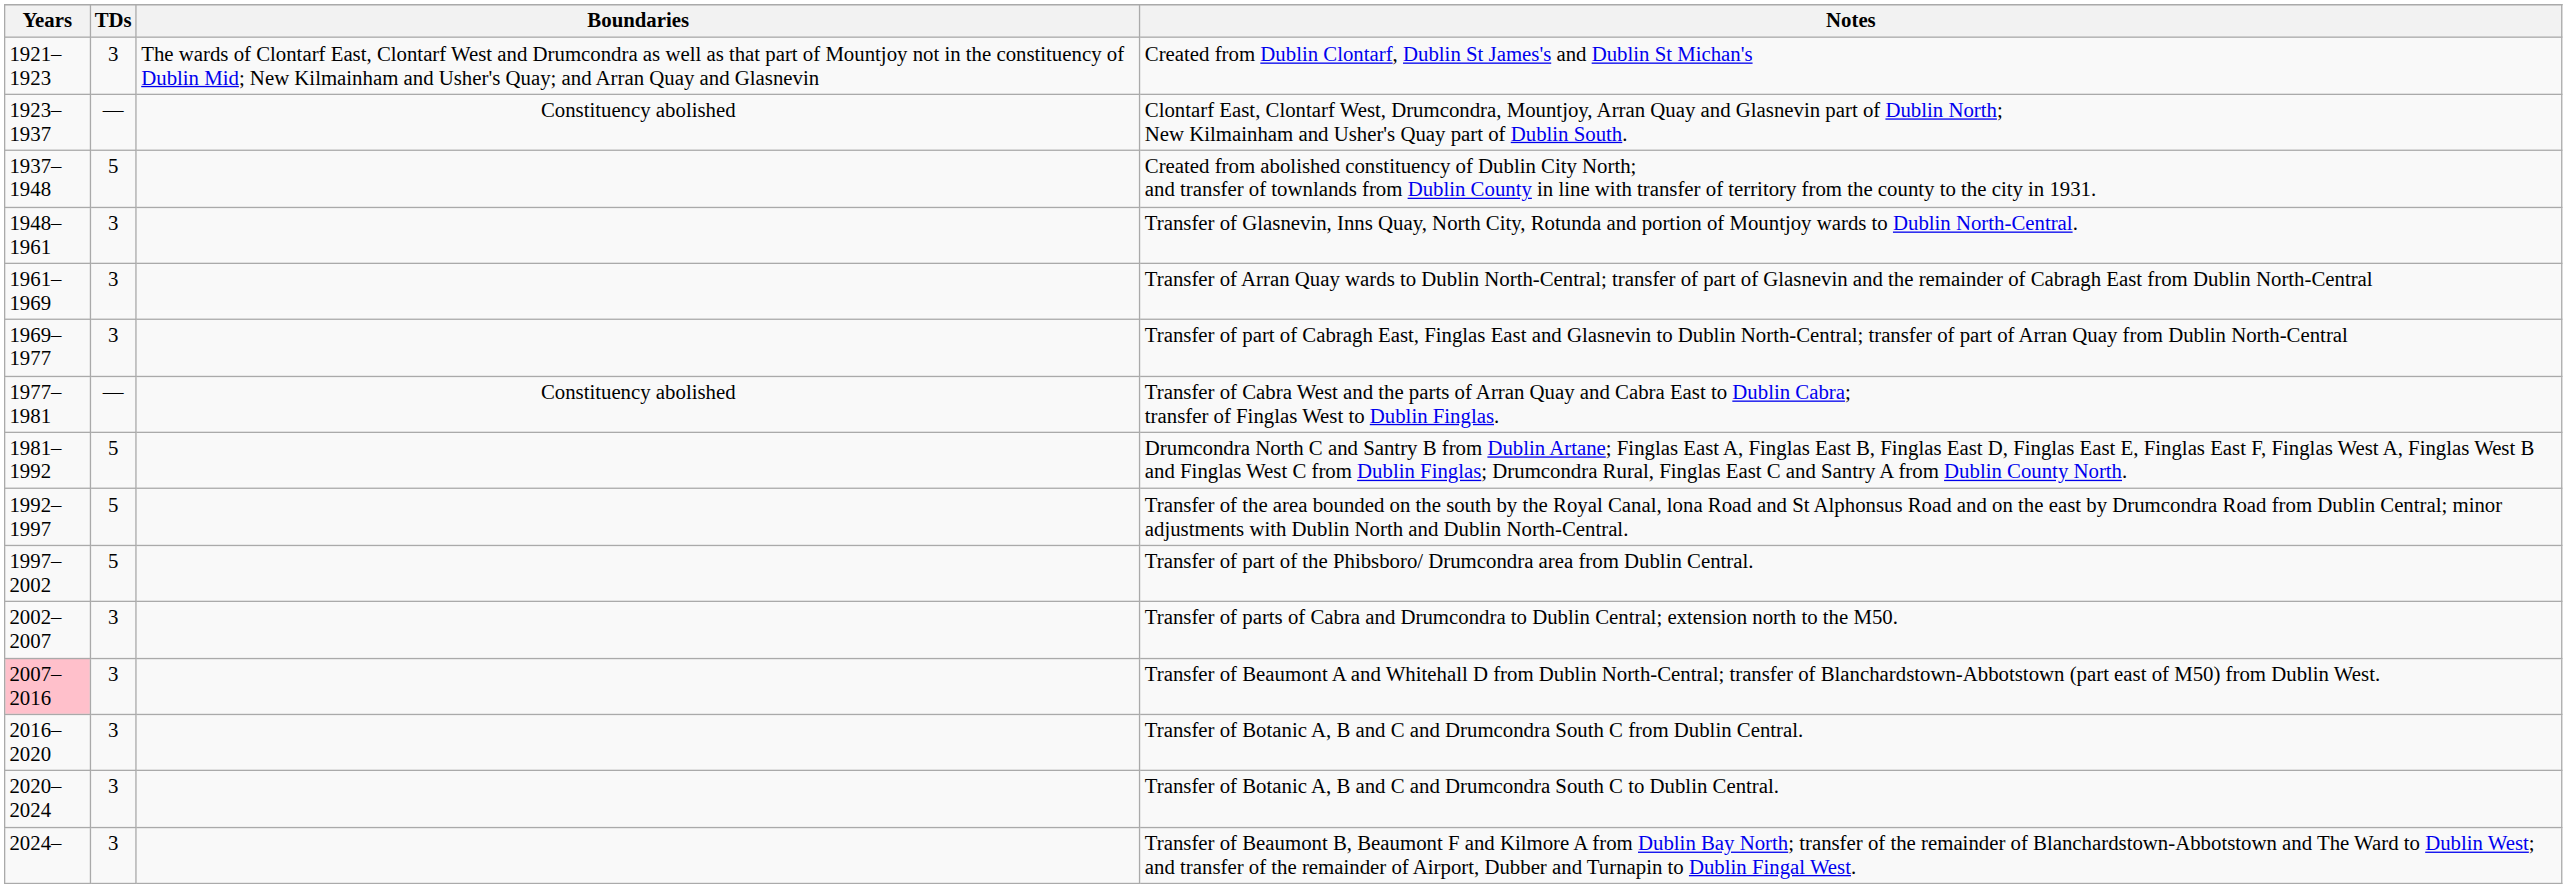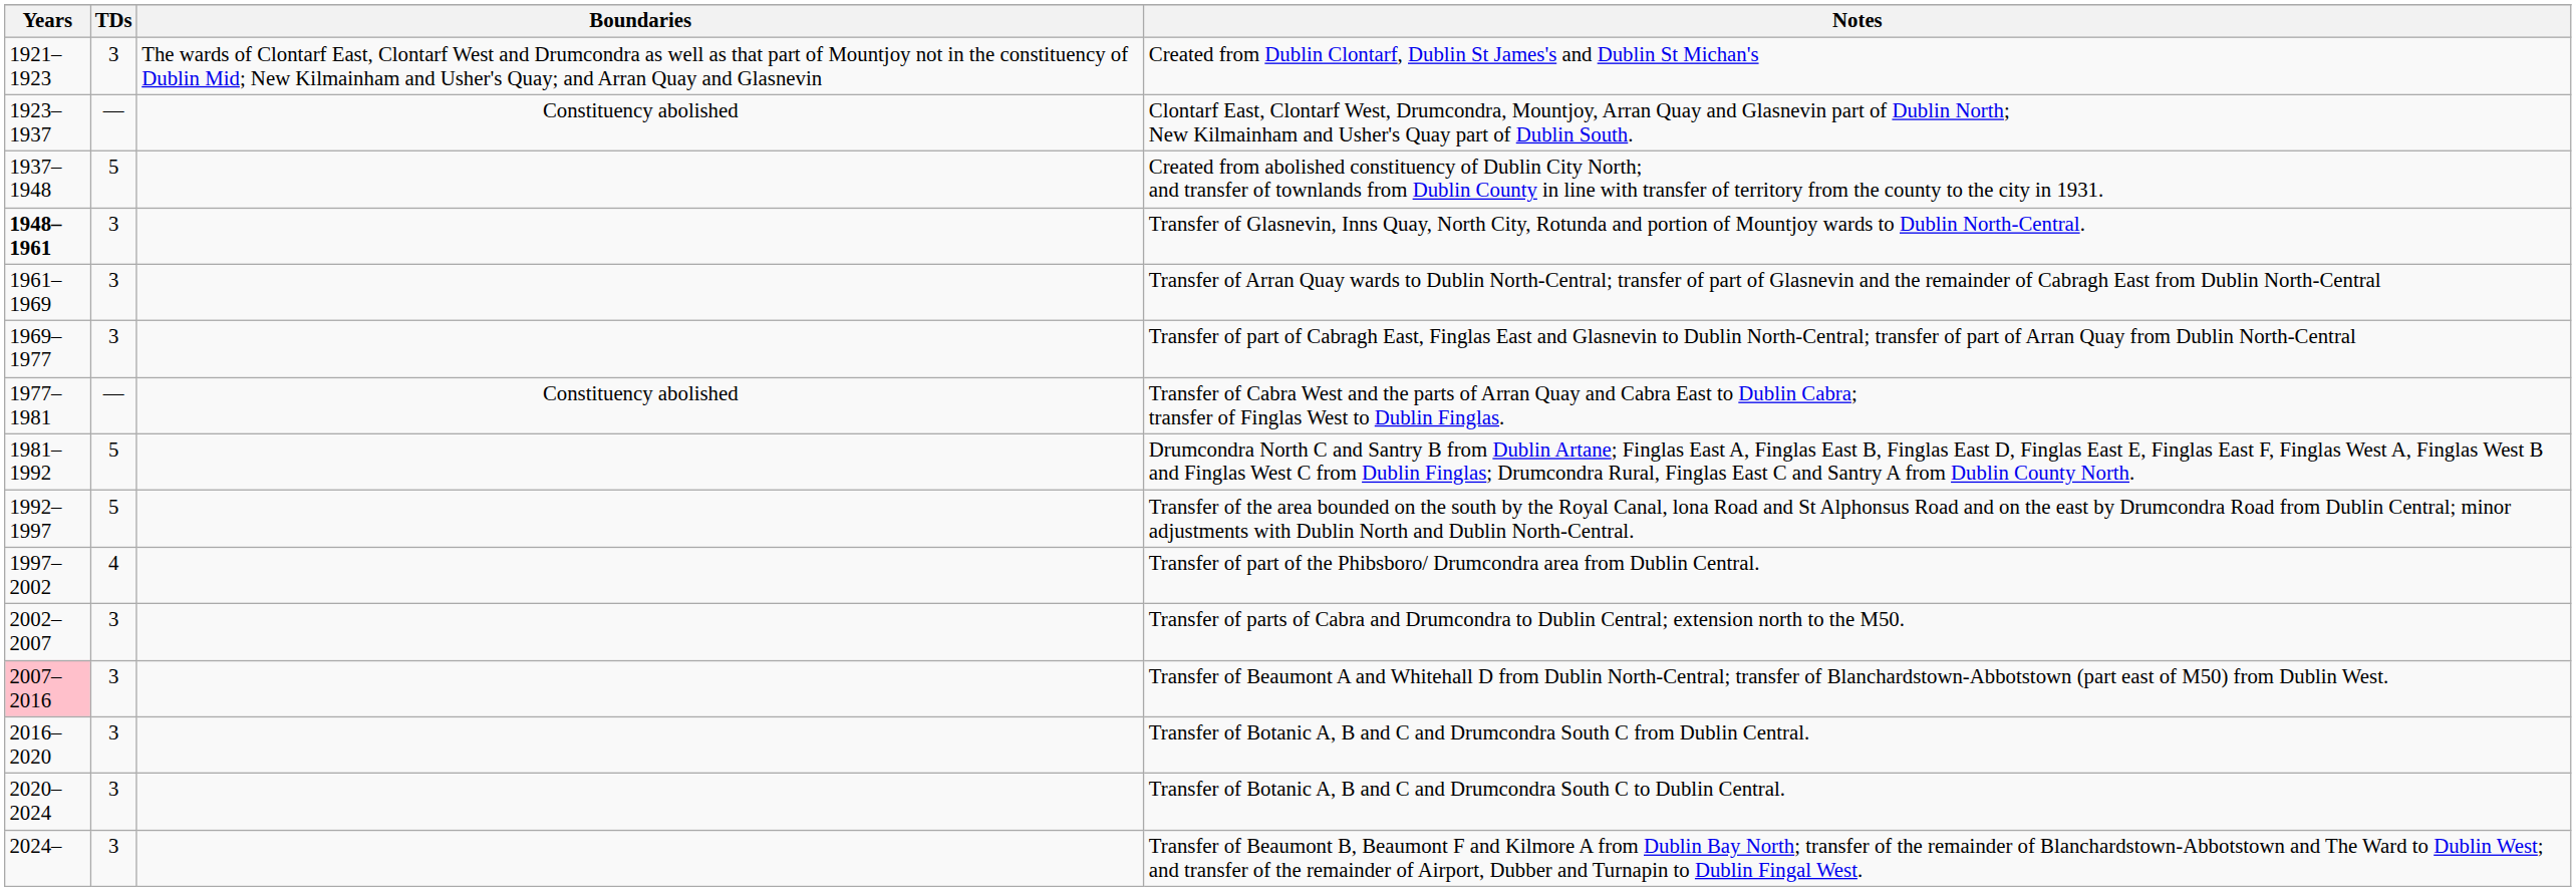 <table class="wikitable collapsible">
 <tr>
 </tr>
 <tr>
 <th>Years</th>
 <th>TDs</th>
 <th>Boundaries</th>
 <th>Notes</th>
 </tr>
 <tr style="vertical-align:top">
 <td>1921–1923</td>
 <td style="text-align:center">3</td>
 <td>The wards of Clontarf East, Clontarf West and Drumcondra as well as that part of Mountjoy not in the constituency of <a href='#'>Dublin Mid</a>; New Kilmainham and Usher's Quay; and Arran Quay and Glasnevin</td>
 <td>Created from <a href='#'>Dublin Clontarf</a>, <a href='#'>Dublin St James's</a> and <a href='#'>Dublin St Michan's</a></td>
 </tr>
 <tr style="vertical-align:top">
 <td>1923–1937</td>
 <td style="text-align:center">—</td>
 <td style="text-align:center">Constituency abolished</td>
 <td>Clontarf East, Clontarf West, Drumcondra, Mountjoy, Arran Quay and Glasnevin part of <a href='#'>Dublin North</a>;<br>New Kilmainham and Usher's Quay part of <a href='#'>Dublin South</a>.</td>
 </tr>
 <tr style="vertical-align:top">
 <td>1937–1948</td>
 <td style="text-align:center">5</td>
 <td></td>
 <td>Created from abolished constituency of Dublin City North;<br>and transfer of townlands from <a href='#'>Dublin County</a> in line with transfer of territory from the county to the city in 1931.</td>
 </tr>
 <tr style="vertical-align:top">
-<td>1948–1961</td>
+<td><strong>1948–1961</strong></td>
 <td style="text-align:center">3</td>
 <td></td>
 <td>Transfer of Glasnevin, Inns Quay, North City, Rotunda and portion of Mountjoy wards to <a href='#'>Dublin North-Central</a>.</td>
 </tr>
 <tr style="vertical-align:top">
 <td>1961–1969</td>
 <td style="text-align:center">3</td>
 <td></td>
 <td>Transfer of Arran Quay wards to Dublin North-Central; transfer of part of Glasnevin and the remainder of Cabragh East from Dublin North-Central</td>
 </tr>
 <tr style="vertical-align:top">
 <td>1969–1977</td>
 <td style="text-align:center">3</td>
 <td></td>
 <td>Transfer of part of Cabragh East, Finglas East and Glasnevin to Dublin North-Central; transfer of part of Arran Quay from Dublin North-Central</td>
 </tr>
 <tr style="vertical-align:top">
 <td>1977–1981</td>
 <td style="text-align:center">—</td>
 <td style="text-align:center">Constituency abolished</td>
 <td>Transfer of Cabra West and the parts of Arran Quay and Cabra East to <a href='#'>Dublin Cabra</a>;<br>transfer of Finglas West to <a href='#'>Dublin Finglas</a>.</td>
 </tr>
 <tr style="vertical-align:top">
 <td>1981–1992</td>
 <td style="text-align:center">5</td>
 <td><br></td>
 <td>Drumcondra North C and Santry B from <a href='#'>Dublin Artane</a>; Finglas East A, Finglas East B, Finglas East D, Finglas East E, Finglas East F, Finglas West A, Finglas West B and Finglas West C from <a href='#'>Dublin Finglas</a>; Drumcondra Rural, Finglas East C and Santry A from <a href='#'>Dublin County North</a>.</td>
 </tr>
 <tr style="vertical-align:top">
 <td>1992–1997</td>
 <td style="text-align:center">5</td>
 <td></td>
 <td>Transfer of the area bounded on the south by the Royal Canal, lona Road and St Alphonsus Road and on the east by Drumcondra Road from Dublin Central; minor adjustments with Dublin North and Dublin North-Central.</td>
 </tr>
 <tr style="vertical-align:top">
 <td>1997–2002</td>
-<td style="text-align:center">5</td>
+<td style="text-align:center">4</td>
 <td></td>
 <td>Transfer of part of the Phibsboro/ Drumcondra area from Dublin Central.</td>
 </tr>
 <tr style="vertical-align:top">
 <td>2002–2007</td>
 <td style="text-align:center">3</td>
 <td><br></td>
 <td>Transfer of parts of Cabra and Drumcondra to Dublin Central; extension north to the M50.</td>
 </tr>
 <tr style="vertical-align:top">
 <td style="background: pink;">2007–2016</td>
 <td style="text-align:center">3</td>
 <td><br></td>
 <td>Transfer of Beaumont A and Whitehall D from Dublin North-Central; transfer of Blanchardstown-Abbotstown (part east of M50) from Dublin West.</td>
 </tr>
 <tr style="vertical-align:top">
 <td>2016–2020</td>
 <td style="text-align:center">3</td>
 <td><br></td>
 <td>Transfer of Botanic A, B and C and Drumcondra South C from Dublin Central.</td>
 </tr>
 <tr style="vertical-align:top">
 <td>2020–2024</td>
 <td style="text-align:center">3</td>
 <td><br></td>
 <td>Transfer of Botanic A, B and C and Drumcondra South C to Dublin Central.</td>
 </tr>
 <tr style="vertical-align:top">
 <td>2024–</td>
 <td style="text-align:center">3</td>
 <td></td>
 <td {{hidden>Transfer of Beaumont B, Beaumont F and Kilmore A from <a href='#'>Dublin Bay North</a>; transfer of the remainder of Blanchardstown-Abbotstown and The Ward to <a href='#'>Dublin West</a>; and transfer of the remainder of Airport, Dubber and Turnapin to <a href='#'>Dublin Fingal West</a>.</td>
 </tr>
 </table>
